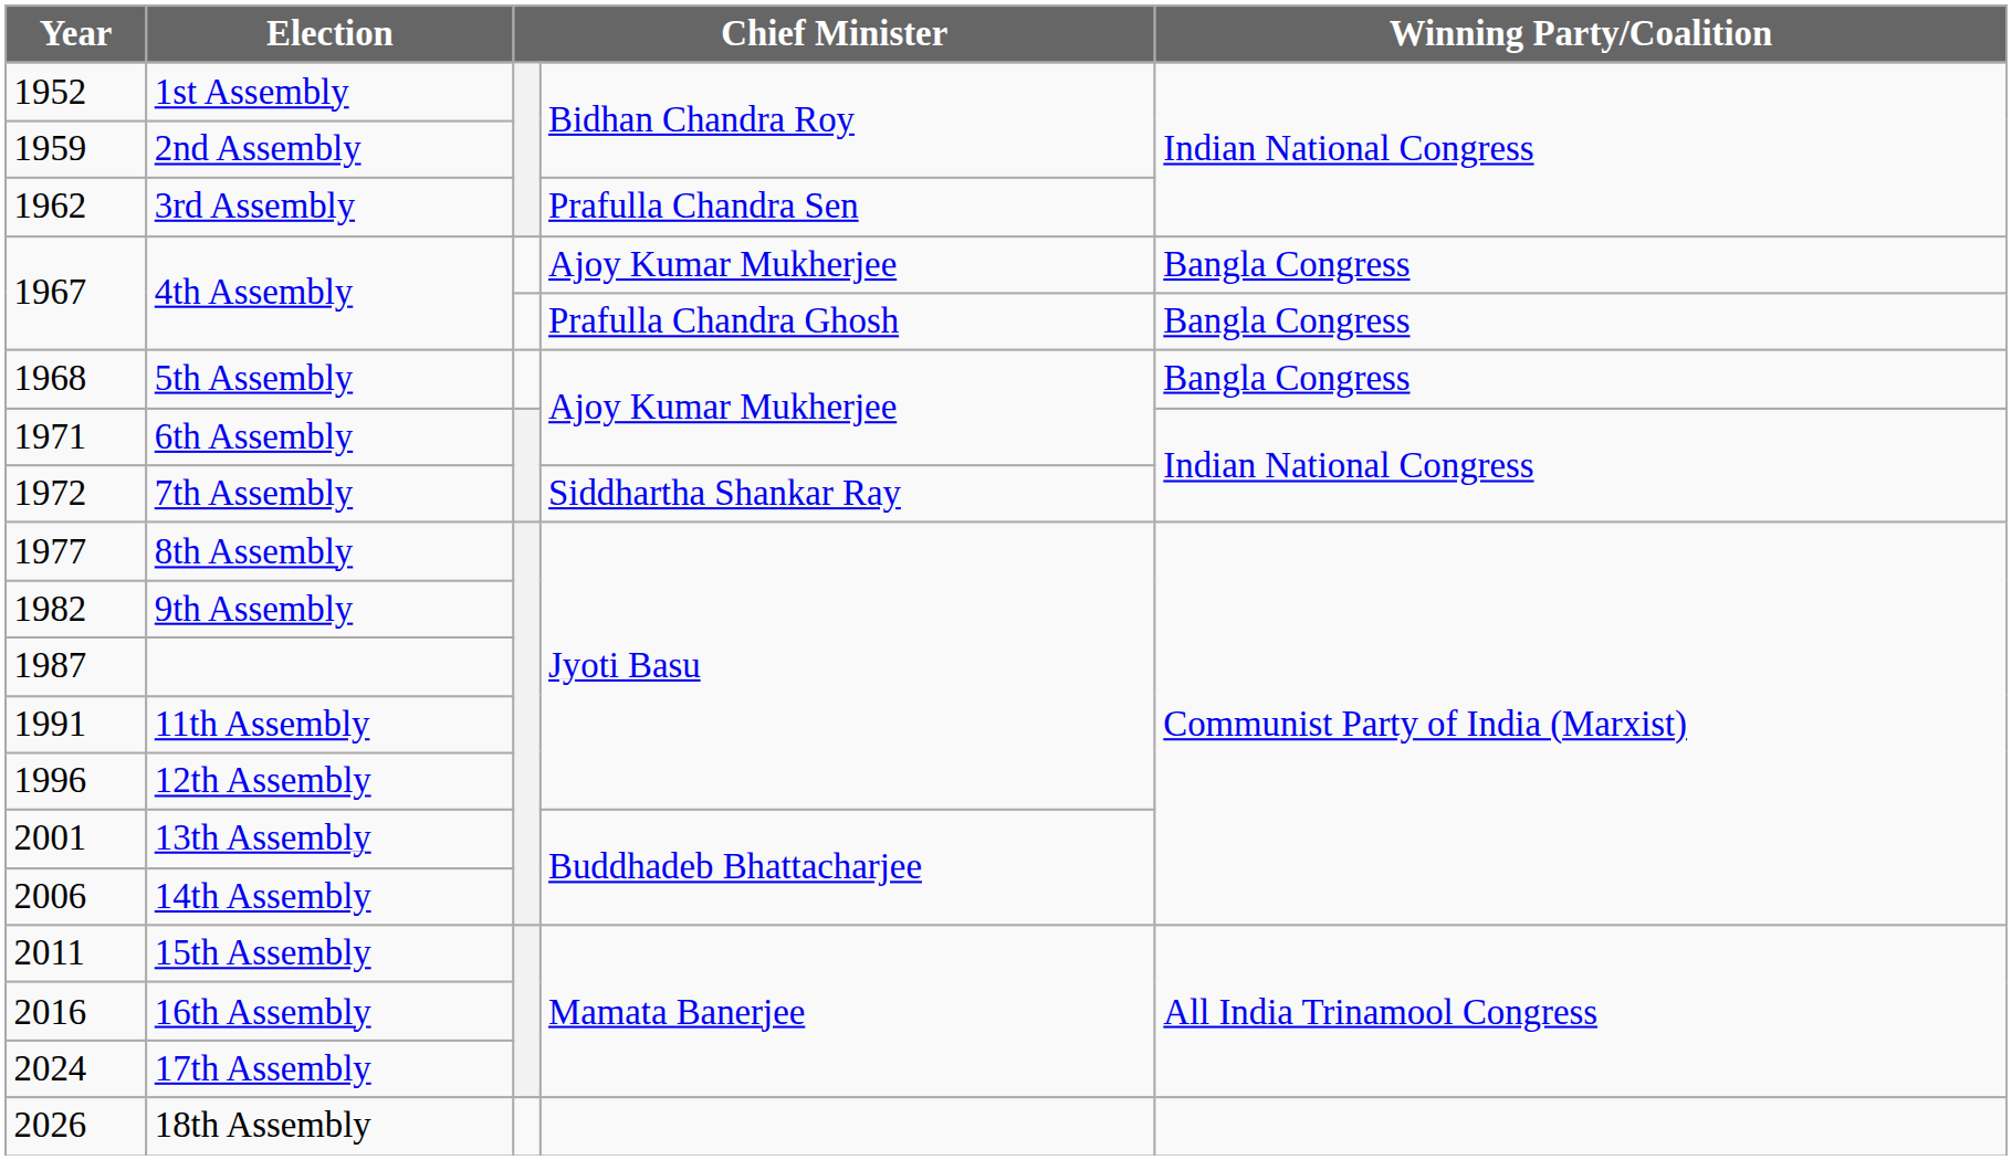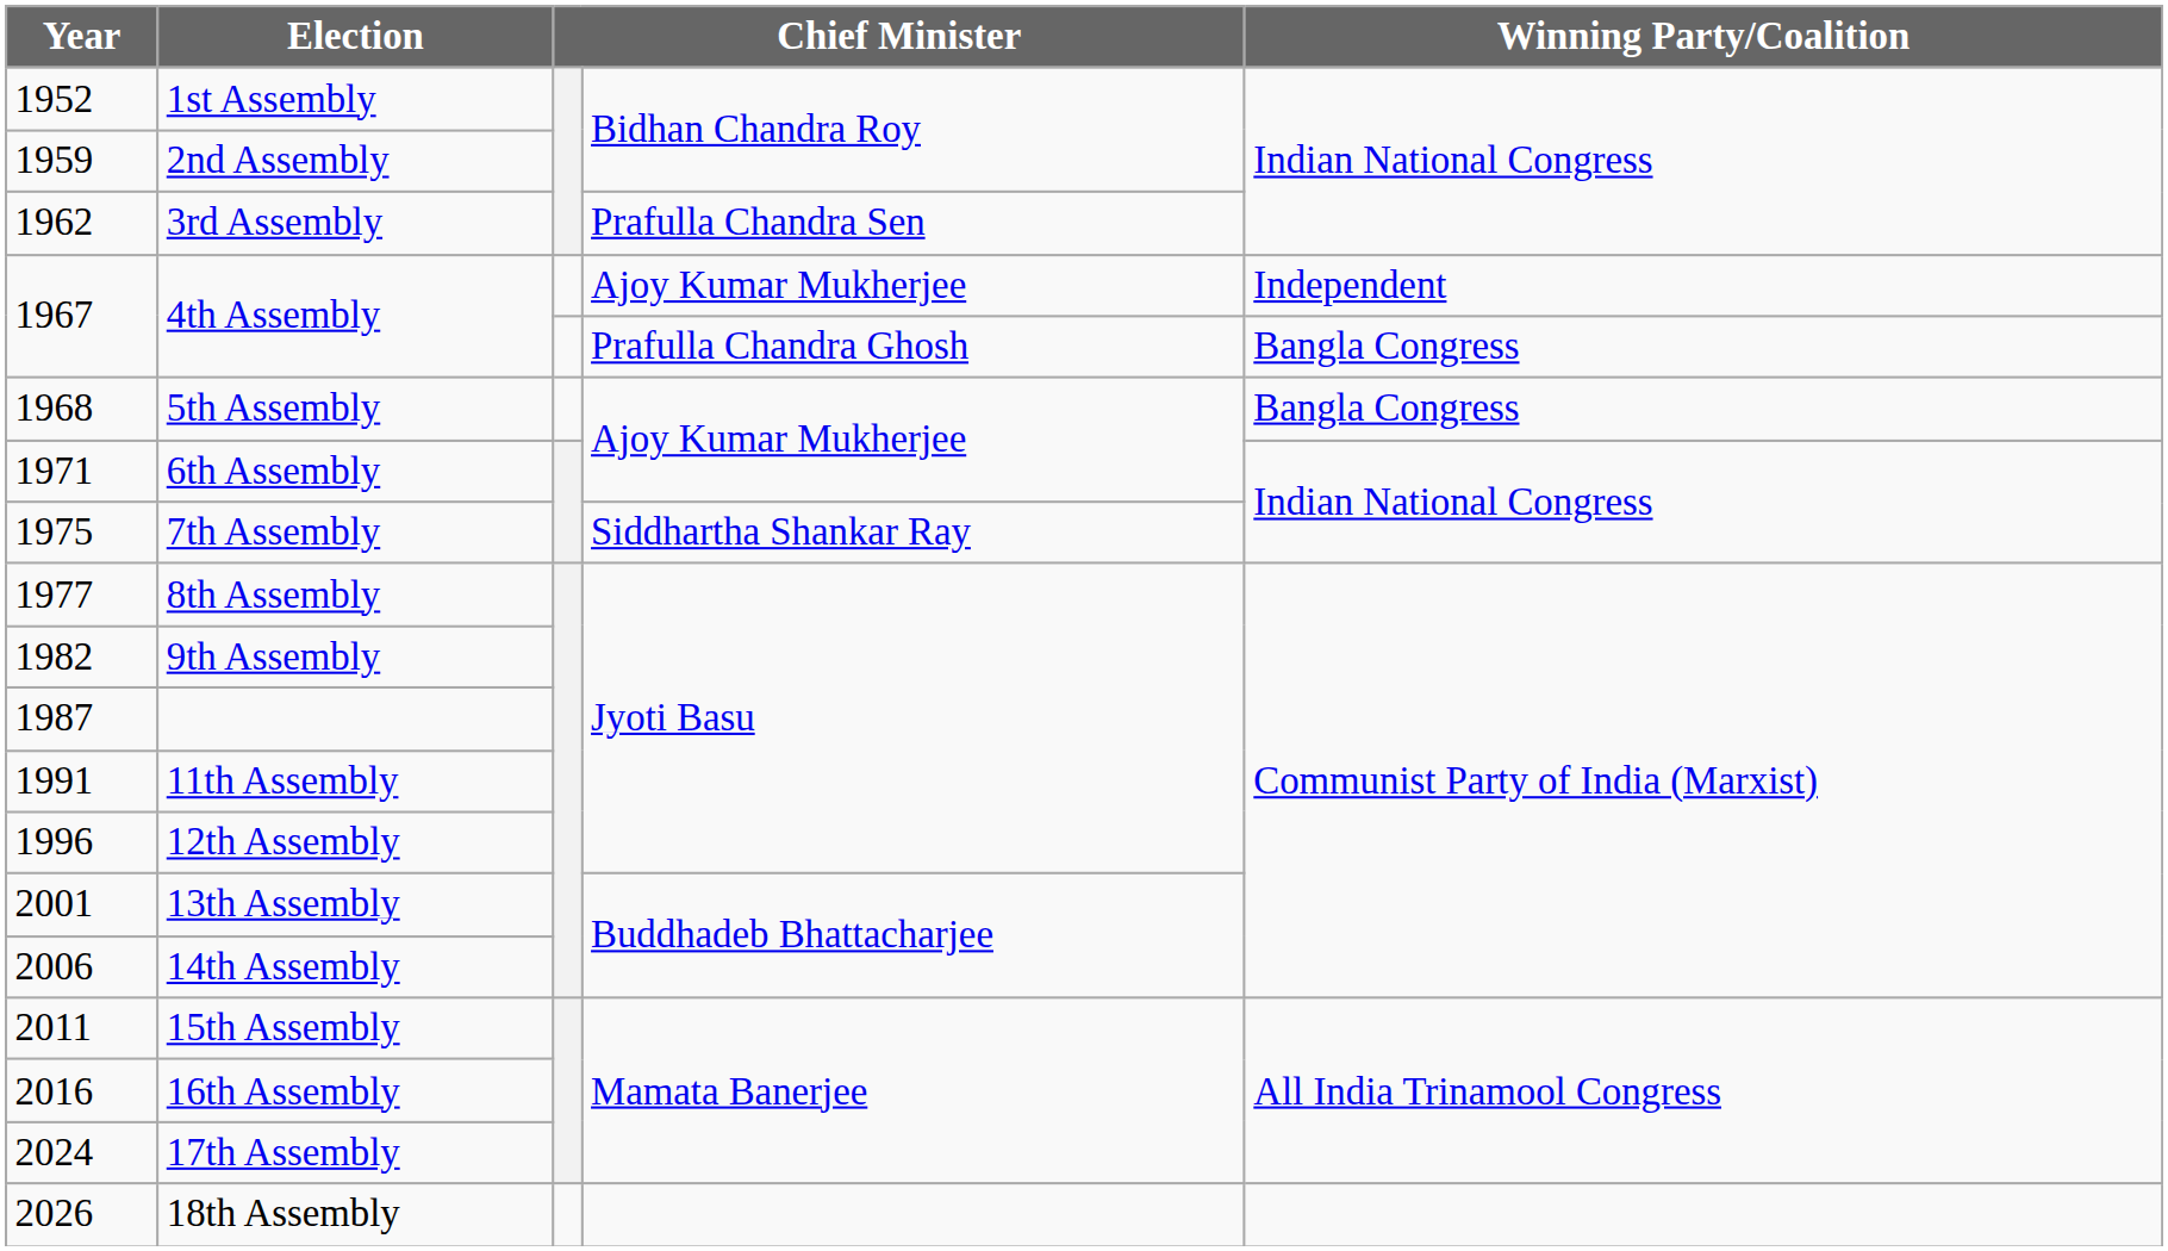 <table class="wikitable" width="100%" style="font-size: x-big; font-family: verdana">
 <tr>
 <th style="background-color:#666666; color:white">Year</th>
 <th style="background-color:#666666; color:white">Election</th>
 <th colspan=2 style="background-color:#666666; color:white">Chief Minister</th>
 <th style="background-color:#666666; color:white">Winning Party/Coalition</th>
 </tr>
 <tr --->
 <td>1952</td>
 <td><a href='#'>1st Assembly</a></td>
 <th rowspan=3 style="background-color: "></th>
 <td rowspan=2><a href='#'>Bidhan Chandra Roy</a></td>
 <td rowspan=3><a href='#'>Indian National Congress</a></td>
 </tr>
 <tr --->
 <td>1959</td>
 <td><a href='#'>2nd Assembly</a></td>
 </tr>
 <tr --->
 <td>1962</td>
 <td><a href='#'>3rd Assembly</a></td>
 <td><a href='#'>Prafulla Chandra Sen</a></td>
 </tr>
 <tr --->
 <td rowspan=2>1967</td>
 <td rowspan=2><a href='#'>4th Assembly</a></td>
 <td style="background-color: "></td>
 <td><a href='#'>Ajoy Kumar Mukherjee</a></td>
-<td><a href='#'>Bangla Congress</a></td>
+<td><a href='#'>Independent</a></td>
 </tr>
 <tr --->
 <td style="background-color: "></td>
 <td><a href='#'>Prafulla Chandra Ghosh</a></td>
 <td><a href='#'>Bangla Congress</a></td>
 </tr>
 <tr --->
 <td>1968</td>
 <td><a href='#'>5th Assembly</a></td>
 <td style="background-color: "></td>
 <td rowspan=2><a href='#'>Ajoy Kumar Mukherjee</a></td>
 <td><a href='#'>Bangla Congress</a></td>
 </tr>
 <tr --->
 <td>1971</td>
 <td><a href='#'>6th Assembly</a></td>
 <th rowspan=2 style="background-color: "></th>
 <td rowspan=2><a href='#'>Indian National Congress</a></td>
 </tr>
 <tr --->
-<td>1972</td>
+<td>1975</td>
 <td><a href='#'>7th Assembly</a></td>
 <td><a href='#'>Siddhartha Shankar Ray</a></td>
 </tr>
 <tr --->
 <td>1977</td>
 <td><a href='#'>8th Assembly</a></td>
 <th rowspan=7 style="background-color: "></th>
 <td rowspan=5><a href='#'>Jyoti Basu</a></td>
 <td rowspan=7><a href='#'>Communist Party of India (Marxist)</a></td>
 </tr>
 <tr --->
 <td>1982</td>
 <td><a href='#'>9th Assembly</a></td>
 </tr>
 <tr --->
 <td>1987</td>
 <td></td>
 </tr>
 <tr --->
 <td>1991</td>
 <td><a href='#'>11th Assembly</a></td>
 </tr>
 <tr --->
 <td>1996</td>
 <td><a href='#'>12th Assembly</a></td>
 </tr>
 <tr --->
 <td>2001</td>
 <td><a href='#'>13th Assembly</a></td>
 <td rowspan=2><a href='#'>Buddhadeb Bhattacharjee</a></td>
 </tr>
 <tr --->
 <td>2006</td>
 <td><a href='#'>14th Assembly</a></td>
 </tr>
 <tr --->
 <td>2011</td>
 <td><a href='#'>15th Assembly</a></td>
 <th rowspan=3 style="background-color: "></th>
 <td rowspan=3><a href='#'>Mamata Banerjee</a></td>
 <td rowspan=3><a href='#'>All India Trinamool Congress</a></td>
 </tr>
 <tr --->
 <td>2016</td>
 <td><a href='#'>16th Assembly</a></td>
 </tr>
 <tr --->
 <td>2024</td>
 <td><a href='#'>17th Assembly</a></td>
 </tr>
 <tr --->
 <td>2026</td>
 <td>18th Assembly</td>
 <td></td>
 <td></td>
 <td></td>
 </tr>
 </table>
